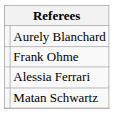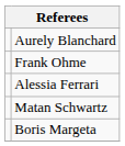 <table class="wikitable" style="display: inline-table;">
 <tr>
 <th colspan="2">Referees</th>
 </tr>
 <tr>
 <td></td>
 <td>Aurely Blanchard</td>
 </tr>
 <tr>
 <td></td>
 <td>Frank Ohme</td>
 </tr>
 <tr>
 <td></td>
 <td>Alessia Ferrari</td>
 </tr>
 <tr>
 <td></td>
 <td>Matan Schwartz</td>
 </tr>
 <tr>
+<td></td>
+<td>Boris Margeta</td>
+</tr>
+<tr>
 </tr>
 </table>
